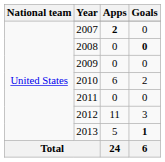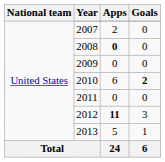 <table class="wikitable" style="text-align: center;">
 <tr>
 <th>National team</th>
 <th>Year</th>
 <th>Apps</th>
 <th>Goals</th>
 </tr>
 <tr>
 <td rowspan="8"><a href='#'>United States</a></td>
 </tr>
 <tr>
 <td>2007</td>
-<td><strong>2</strong></td>
+<td>2</td>
 <td>0</td>
 </tr>
 <tr>
 <td>2008</td>
+<td><strong>0</strong></td>
 <td>0</td>
-<td><strong>0</strong></td>
 </tr>
 <tr>
 <td>2009</td>
 <td>0</td>
 <td>0</td>
 </tr>
 <tr>
 <td>2010</td>
 <td>6</td>
-<td>2</td>
+<td><strong>2</strong></td>
 </tr>
 <tr>
 <td>2011</td>
 <td>0</td>
 <td>0</td>
 </tr>
 <tr>
 <td>2012</td>
-<td>11</td>
+<td><strong>11</strong></td>
 <td>3</td>
 </tr>
 <tr>
 <td>2013</td>
 <td>5</td>
-<td><strong>1</strong></td>
+<td>1</td>
 </tr>
 <tr>
 <th colspan=2>Total</th>
 <th>24</th>
 <th>6</th>
 </tr>
 </table>
